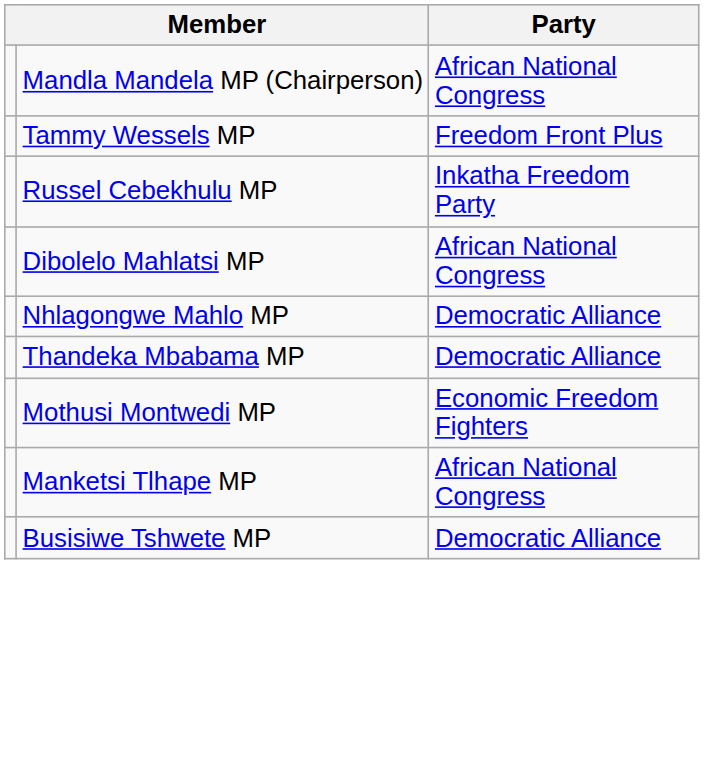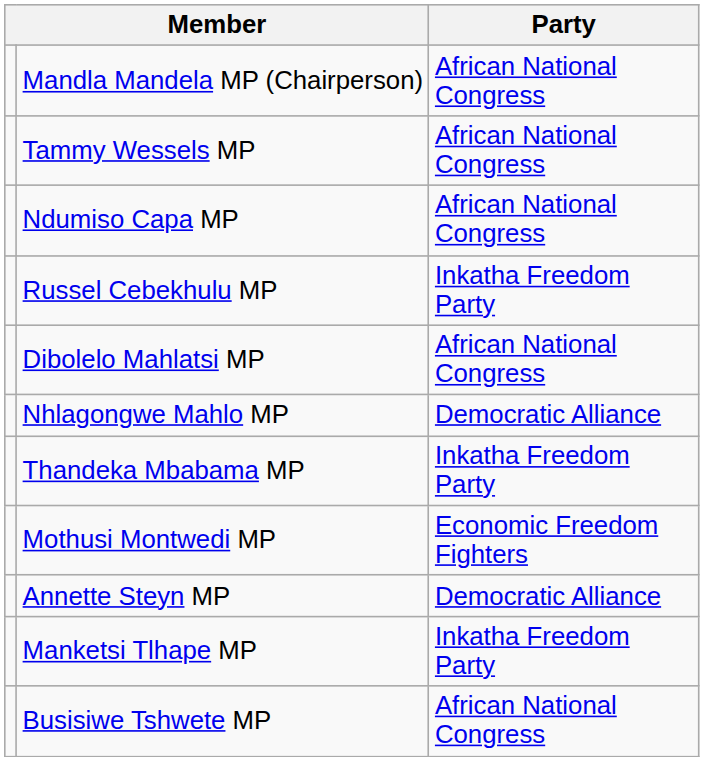 <table class="wikitable">
 <tr>
 <th width="160px" colspan="2" valign="top">Member</th>
 <th width="160px" valign="top">Party</th>
 </tr>
 <tr>
 <td></td>
 <td><a href='#'>Mandla Mandela</a> MP (Chairperson)</td>
 <td><a href='#'>African National Congress</a></td>
 </tr>
 <tr>
 <td></td>
 <td><a href='#'>Tammy Wessels</a> MP</td>
-<td><a href='#'>Freedom Front Plus</a></td>
+<td><a href='#'>African National Congress</a></td>
+</tr>
+<tr>
+<td></td>
+<td><a href='#'>Ndumiso Capa</a> MP</td>
+<td><a href='#'>African National Congress</a></td>
 </tr>
 <tr>
 <td></td>
 <td><a href='#'>Russel Cebekhulu</a> MP</td>
 <td><a href='#'>Inkatha Freedom Party</a></td>
 </tr>
 <tr>
 <td></td>
 <td><a href='#'>Dibolelo Mahlatsi</a> MP</td>
 <td><a href='#'>African National Congress</a></td>
 </tr>
 <tr>
 <td></td>
 <td><a href='#'>Nhlagongwe Mahlo</a> MP</td>
 <td><a href='#'>Democratic Alliance</a></td>
 </tr>
 <tr>
 <td></td>
 <td><a href='#'>Thandeka Mbabama</a> MP</td>
-<td><a href='#'>Democratic Alliance</a></td>
+<td><a href='#'>Inkatha Freedom Party</a></td>
 </tr>
 <tr>
 <td></td>
 <td><a href='#'>Mothusi Montwedi</a> MP</td>
 <td><a href='#'>Economic Freedom Fighters</a></td>
 </tr>
 <tr>
 <td></td>
+<td><a href='#'>Annette Steyn</a> MP</td>
+<td><a href='#'>Democratic Alliance</a></td>
+</tr>
+<tr>
+<td></td>
 <td><a href='#'>Manketsi Tlhape</a> MP</td>
-<td><a href='#'>African National Congress</a></td>
+<td><a href='#'>Inkatha Freedom Party</a></td>
 </tr>
 <tr>
 <td></td>
 <td><a href='#'>Busisiwe Tshwete</a> MP</td>
-<td><a href='#'>Democratic Alliance</a></td>
+<td><a href='#'>African National Congress</a></td>
 </tr>
 </table>
